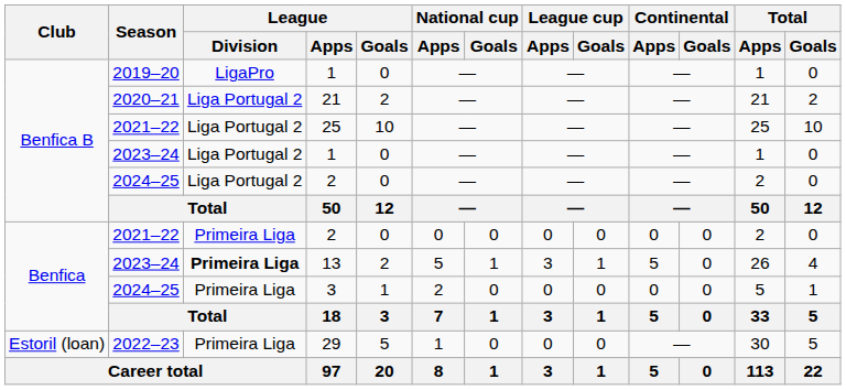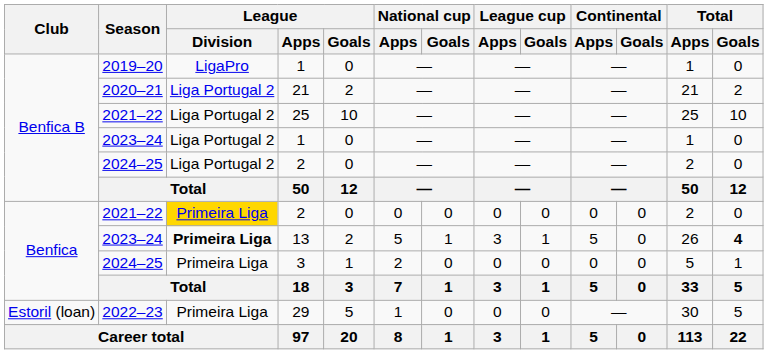 <table class="wikitable" style="text-align: center">
 <tr>
 <th rowspan="2">Club</th>
 <th rowspan="2">Season</th>
 <th colspan="3">League</th>
 <th colspan="2">National cup</th>
 <th colspan="2">League cup</th>
 <th colspan="2">Continental</th>
 <th colspan="2">Total</th>
 </tr>
 <tr>
 <th>Division</th>
 <th>Apps</th>
 <th>Goals</th>
 <th>Apps</th>
 <th>Goals</th>
 <th>Apps</th>
 <th>Goals</th>
 <th>Apps</th>
 <th>Goals</th>
 <th>Apps</th>
 <th>Goals</th>
 </tr>
 <tr>
 <td rowspan="6"><a href='#'>Benfica B</a></td>
 <td><a href='#'>2019–20</a></td>
 <td><a href='#'>LigaPro</a></td>
 <td>1</td>
 <td>0</td>
 <td colspan="2">—</td>
 <td colspan="2">—</td>
 <td colspan="2">—</td>
 <td>1</td>
 <td>0</td>
 </tr>
 <tr>
 <td><a href='#'>2020–21</a></td>
 <td><a href='#'>Liga Portugal 2</a></td>
 <td>21</td>
 <td>2</td>
 <td colspan="2">—</td>
 <td colspan="2">—</td>
 <td colspan="2">—</td>
 <td>21</td>
 <td>2</td>
 </tr>
 <tr>
 <td><a href='#'>2021–22</a></td>
 <td>Liga Portugal 2</td>
 <td>25</td>
 <td>10</td>
 <td colspan="2">—</td>
 <td colspan="2">—</td>
 <td colspan="2">—</td>
 <td>25</td>
 <td>10</td>
 </tr>
 <tr>
 <td><a href='#'>2023–24</a></td>
 <td>Liga Portugal 2</td>
 <td>1</td>
 <td>0</td>
 <td colspan="2">—</td>
 <td colspan="2">—</td>
 <td colspan="2">—</td>
 <td>1</td>
 <td>0</td>
 </tr>
 <tr>
 <td><a href='#'>2024–25</a></td>
 <td>Liga Portugal 2</td>
 <td>2</td>
 <td>0</td>
 <td colspan="2">—</td>
 <td colspan="2">—</td>
 <td colspan="2">—</td>
 <td>2</td>
 <td>0</td>
 </tr>
 <tr>
 <th colspan="2">Total</th>
 <th>50</th>
 <th>12</th>
 <th colspan="2">—</th>
 <th colspan="2">—</th>
 <th colspan="2">—</th>
 <th>50</th>
 <th>12</th>
 </tr>
 <tr>
 <td rowspan="4"><a href='#'>Benfica</a></td>
 <td><a href='#'>2021–22</a></td>
-<td><a href='#'>Primeira Liga</a></td>
+<td style="background: gold;"><a href='#'>Primeira Liga</a></td>
 <td>2</td>
 <td>0</td>
 <td>0</td>
 <td>0</td>
 <td>0</td>
 <td>0</td>
 <td>0</td>
 <td>0</td>
 <td>2</td>
 <td>0</td>
 </tr>
 <tr>
 <td><a href='#'>2023–24</a></td>
 <td><strong>Primeira Liga</strong></td>
 <td>13</td>
 <td>2</td>
 <td>5</td>
 <td>1</td>
 <td>3</td>
 <td>1</td>
 <td>5</td>
 <td>0</td>
 <td>26</td>
-<td>4</td>
+<td><strong>4</strong></td>
 </tr>
 <tr>
 <td><a href='#'>2024–25</a></td>
 <td>Primeira Liga</td>
 <td>3</td>
 <td>1</td>
 <td>2</td>
 <td>0</td>
 <td>0</td>
 <td>0</td>
 <td>0</td>
 <td>0</td>
 <td>5</td>
 <td>1</td>
 </tr>
 <tr>
 <th colspan="2">Total</th>
 <th>18</th>
 <th>3</th>
 <th>7</th>
 <th>1</th>
 <th>3</th>
 <th>1</th>
 <th>5</th>
 <th>0</th>
 <th>33</th>
 <th>5</th>
 </tr>
 <tr>
 <td><a href='#'>Estoril</a> (loan)</td>
 <td><a href='#'>2022–23</a></td>
 <td>Primeira Liga</td>
 <td>29</td>
 <td>5</td>
 <td>1</td>
 <td>0</td>
 <td>0</td>
 <td>0</td>
 <td colspan="2">—</td>
 <td>30</td>
 <td>5</td>
 </tr>
 <tr>
 <th colspan="3"><strong>Career total</strong></th>
 <th>97</th>
 <th>20</th>
 <th>8</th>
 <th>1</th>
 <th>3</th>
 <th>1</th>
 <th>5</th>
 <th>0</th>
 <th>113</th>
 <th>22</th>
 </tr>
 </table>
